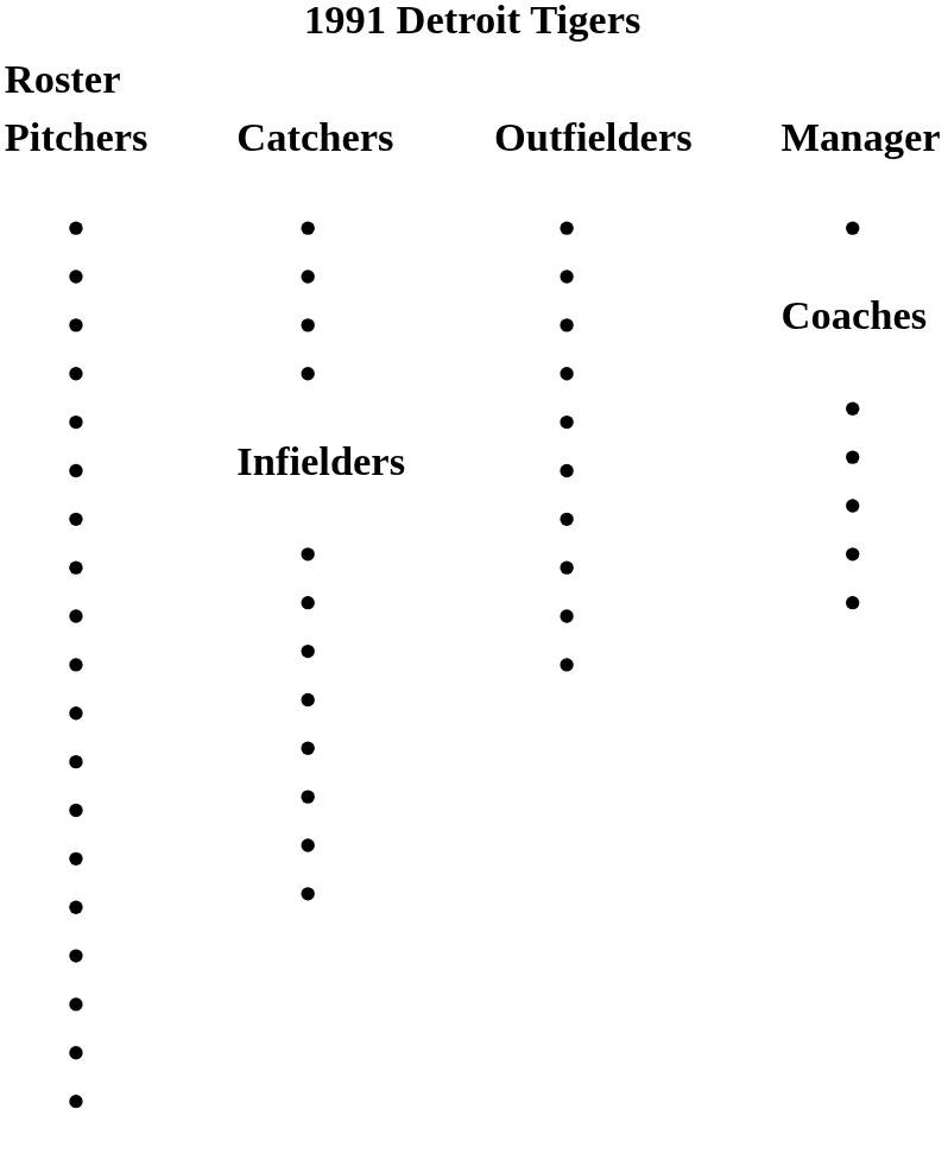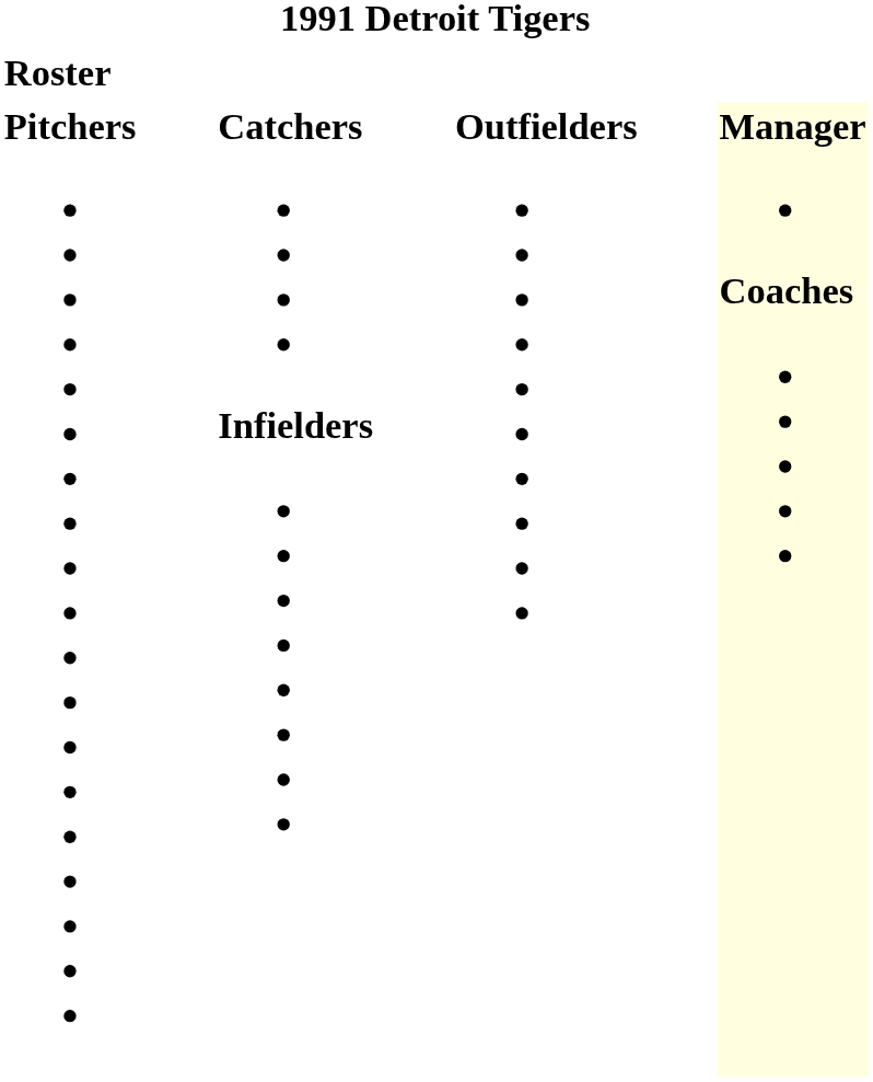 <table class="toccolours" style="font-size: 95%;">
 <tr>
 <th colspan="10">1991 Detroit Tigers</th>
 </tr>
 <tr>
 <td colspan="10"><strong>Roster</strong></td>
 </tr>
 <tr>
 <td valign="top"><strong>Pitchers</strong><br><ul><li></li><li></li><li></li><li></li><li></li><li></li><li></li><li></li><li></li><li></li><li></li><li></li><li></li><li></li><li></li><li></li><li></li><li></li><li></li></ul></td>
 <td width="25px"></td>
 <td valign="top"><strong>Catchers</strong><br><ul><li></li><li></li><li></li><li></li></ul><strong>Infielders</strong><ul><li></li><li></li><li></li><li></li><li></li><li></li><li></li><li></li></ul></td>
 <td width="25px"></td>
 <td valign="top"><strong>Outfielders</strong><br><ul><li></li><li></li><li></li><li></li><li></li><li></li><li></li><li></li><li></li><li></li></ul></td>
 <td width="25px"></td>
-<td valign="top"><strong>Manager</strong><br><ul><li></li></ul><strong>Coaches</strong><ul><li></li><li></li><li></li><li></li><li></li></ul></td>
+<td valign="top" style="background: lightyellow;"><strong>Manager</strong><br><ul><li></li></ul><strong>Coaches</strong><ul><li></li><li></li><li></li><li></li><li></li></ul></td>
 </tr>
 <tr>
 </tr>
 </table>
